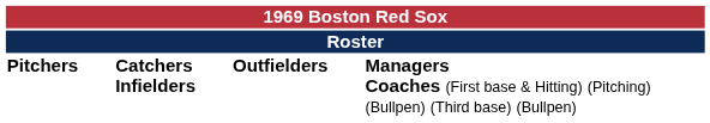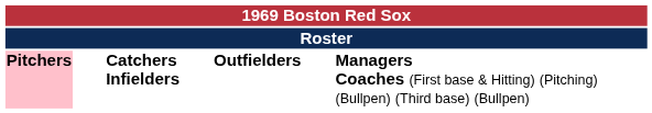 <table class="toccolours" style="text-align: left;">
 <tr>
 <th colspan="10" style="background-color: #ba313c; color: white; text-align: center;">1969 Boston Red Sox</th>
 </tr>
 <tr>
 <td colspan="10" style="background-color:#0d2b56; color: white; text-align: center;"><strong>Roster</strong></td>
 </tr>
 <tr>
-<td valign="top"><strong>Pitchers</strong><br>                  </td>
+<td valign="top" style="background: pink;"><strong>Pitchers</strong><br>                  </td>
 <td width="25px"></td>
 <td valign="top"><strong>Catchers</strong><br>     <strong>Infielders</strong>         </td>
 <td width="25px"></td>
 <td valign="top"><strong>Outfielders</strong><br>      </td>
 <td width="25px"></td>
 <td valign="top"><strong>Managers</strong><br>  <strong>Coaches</strong>  <small>(First base & Hitting)</small>  <small>(Pitching)</small>  <small>(Bullpen)</small>  <small>(Third base)</small>  <small>(Bullpen)</small></td>
 </tr>
 <tr>
 </tr>
 </table>
